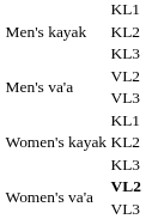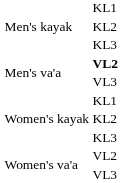 <table>
 <tr>
 <td rowspan=3>Men's kayak</td>
 <td>KL1</td>
 <td></td>
 <td></td>
 <td></td>
 </tr>
 <tr>
 <td>KL2</td>
 <td></td>
 <td></td>
 <td></td>
 </tr>
 <tr>
 <td>KL3</td>
 <td></td>
 <td></td>
 <td></td>
 </tr>
 <tr>
 <td rowspan=2>Men's va'a</td>
-<td>VL2</td>
+<td><strong>VL2</strong></td>
 <td></td>
 <td></td>
 <td></td>
 </tr>
 <tr>
 <td>VL3</td>
 <td></td>
 <td></td>
 <td></td>
 </tr>
 <tr>
 <td rowspan=3>Women's kayak</td>
 <td>KL1</td>
 <td></td>
 <td></td>
 <td></td>
 </tr>
 <tr>
 <td>KL2</td>
 <td></td>
 <td></td>
 <td></td>
 </tr>
 <tr>
 <td>KL3</td>
 <td></td>
 <td></td>
 <td></td>
 </tr>
 <tr>
 <td rowspan=2>Women's va'a</td>
-<td><strong>VL2</strong></td>
+<td>VL2</td>
 <td></td>
 <td></td>
 <td></td>
 </tr>
 <tr>
 <td>VL3</td>
 <td></td>
 <td></td>
 <td></td>
 </tr>
 </table>
